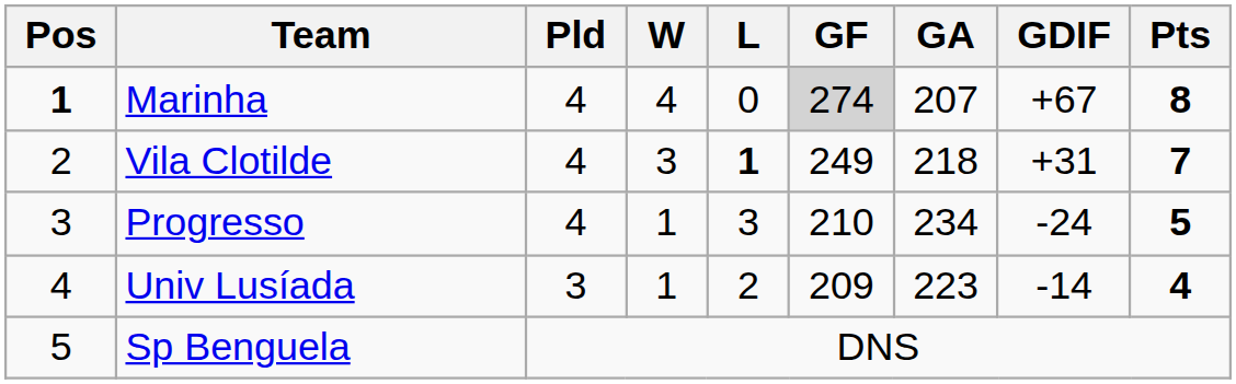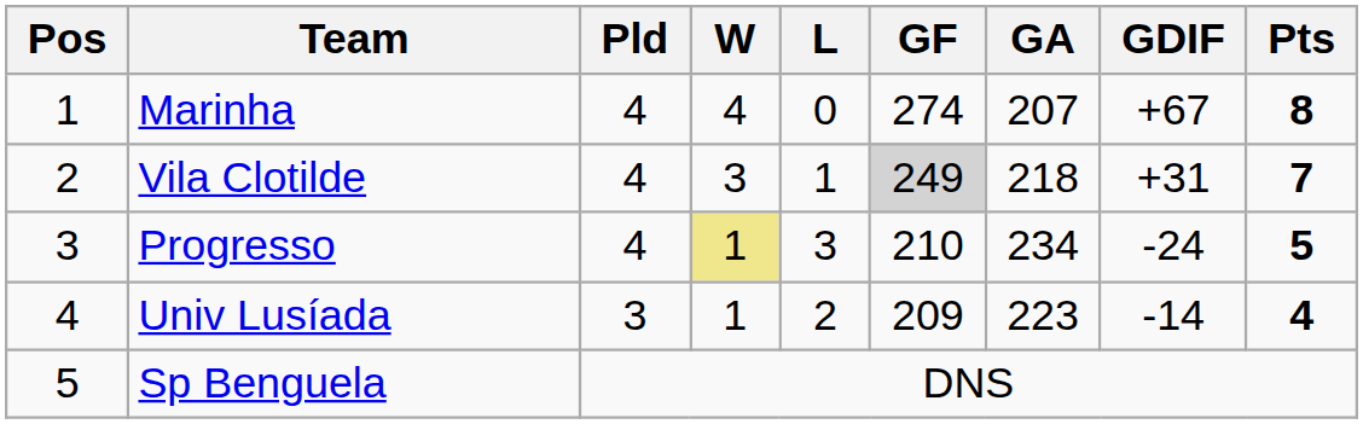 <table class=wikitable style="text-align:center" width=500>
 <tr>
 <th width=5%>Pos</th>
 <th width=25%>Team</th>
 <th width=5%>Pld</th>
 <th width=5%>W</th>
 <th width=5%>L</th>
 <th width=5%>GF</th>
 <th width=5%>GA</th>
 <th width=5%>GDIF</th>
 <th width=5%>Pts</th>
 </tr>
 <tr>
-<td><strong>1</strong></td>
+<td>1</td>
 <td align="left"><a href='#'>Marinha</a></td>
 <td>4</td>
 <td>4</td>
 <td>0</td>
-<td style="background: lightgrey;">274</td>
+<td>274</td>
 <td>207</td>
 <td>+67</td>
 <td><strong>8</strong></td>
 </tr>
 <tr>
 <td>2</td>
 <td align="left"><a href='#'>Vila Clotilde</a></td>
 <td>4</td>
 <td>3</td>
-<td><strong>1</strong></td>
-<td>249</td>
+<td>1</td>
+<td style="background: lightgrey;">249</td>
 <td>218</td>
 <td>+31</td>
 <td><strong>7</strong></td>
 </tr>
 <tr>
 <td>3</td>
 <td align="left"><a href='#'>Progresso</a></td>
 <td>4</td>
-<td>1</td>
+<td style="background: khaki;">1</td>
 <td>3</td>
 <td>210</td>
 <td>234</td>
 <td>-24</td>
 <td><strong>5</strong></td>
 </tr>
 <tr>
 <td>4</td>
 <td align="left"><a href='#'>Univ Lusíada</a></td>
 <td>3</td>
 <td>1</td>
 <td>2</td>
 <td>209</td>
 <td>223</td>
 <td>-14</td>
 <td><strong>4</strong></td>
 </tr>
 <tr>
 <td>5</td>
 <td align="left"><a href='#'>Sp Benguela</a></td>
 <td colspan=7>DNS</td>
 </tr>
 </table>
